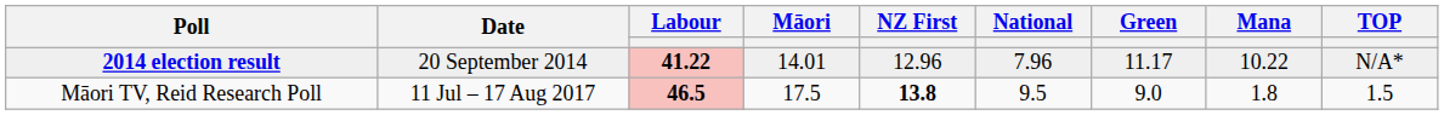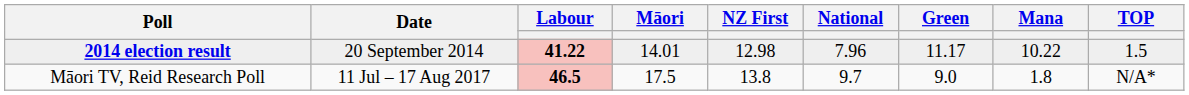 <table class="wikitable" style="font-size:90%; line-height:14px; text-align:center">
 <tr>
 <th style="width:240px;" rowspan="2">Poll</th>
 <th style="width:160px;" rowspan="2">Date </th>
 <th style="width:70px;" r bgcolor=><a href='#'>Labour</a></th>
 <th style="width:70px;" r bgcolor=><a href='#'>Māori</a></th>
 <th style="width:70px;" r bgcolor=><a href='#'>NZ First</a></th>
 <th style="width:70px;" r bgcolor=><a href='#'>National</a></th>
 <th style="width:70px;" r bgcolor=><a href='#'>Green</a></th>
 <th style="width:70px;" r bgcolor=><a href='#'>Mana</a></th>
 <th style="width:70px;" r bgcolor=><a href='#'>TOP</a></th>
 </tr>
 <tr>
 <th class="unsortable" style="color:inherit;background:"></th>
 <th class="unsortable" style="color:inherit;background:"></th>
 <th class="unsortable" style="color:inherit;background:"></th>
 <th class="unsortable" style="color:inherit;background:"></th>
 <th class="unsortable" style="color:inherit;background:"></th>
 <th class="unsortable" style="color:inherit;background:"></th>
 <th class="unsortable" style="color:inherit;background:"></th>
 </tr>
 <tr style="background:#EFEFEF; font-weight:italic;">
 <td><strong><a href='#'>2014 election result</a></strong></td>
 <td>20 September 2014</td>
 <td style="background:#F8C1BE"><strong>41.22</strong></td>
 <td>14.01</td>
-<td>12.96</td>
+<td>12.98</td>
 <td>7.96</td>
 <td>11.17</td>
 <td>10.22</td>
-<td>N/A*</td>
+<td>1.5</td>
 </tr>
 <tr>
 <td>Māori TV, Reid Research Poll</td>
 <td>11 Jul – 17 Aug 2017</td>
 <td style="background:#F8C1BE"><strong>46.5</strong></td>
 <td>17.5</td>
-<td><strong>13.8</strong></td>
-<td>9.5</td>
+<td>13.8</td>
+<td>9.7</td>
 <td>9.0</td>
 <td>1.8</td>
-<td>1.5</td>
+<td>N/A*</td>
 </tr>
 </table>
